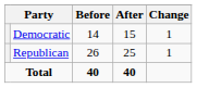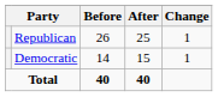 <table class="wikitable" style="text-align:center;">
 <tr>
 </tr>
 <tr>
 <th colspan=2>Party</th>
 <th>Before</th>
 <th>After</th>
 <th>Change</th>
 </tr>
 <tr>
 <th style="background-color:"></th>
-<td style="text-align:left;"><a href='#'>Democratic</a></td>
-<td>14</td>
-<td>15</td>
+<td style="text-align:left;"><a href='#'>Republican</a></td>
+<td>26</td>
+<td>25</td>
 <td> 1</td>
 </tr>
 <tr>
 <th style="background-color:"></th>
-<td style="text-align:left;"><a href='#'>Republican</a></td>
-<td>26</td>
-<td>25</td>
+<td style="text-align:left;"><a href='#'>Democratic</a></td>
+<td>14</td>
+<td>15</td>
 <td> 1</td>
 </tr>
 <tr>
 <td colspan=2><strong>Total</strong></td>
 <td><strong>40</strong></td>
 <td><strong>40</strong></td>
 <td></td>
 </tr>
 </table>
